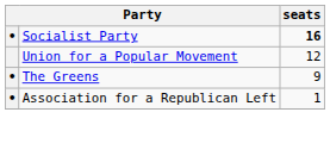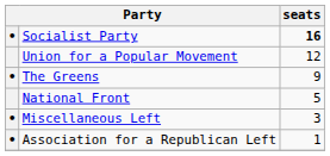 <table class="wikitable" style="font-size: 95%;">
 <tr>
 <th colspan=2>Party</th>
 <th>seats</th>
 </tr>
 <tr>
 <th style="background-color: "><span>•</span></th>
 <td><a href='#'>Socialist Party</a></td>
 <td align="right"><strong>16</strong></td>
 </tr>
 <tr>
 <th style="background-color: "></th>
 <td><a href='#'>Union for a Popular Movement</a></td>
 <td align="right">12</td>
 </tr>
 <tr>
 <th style="background-color: "><span>•</span></th>
 <td><a href='#'>The Greens</a></td>
 <td align="right">9</td>
 </tr>
 <tr>
+<th style="background-color: "></th>
+<td><a href='#'>National Front</a></td>
+<td align="right">5</td>
+</tr>
+<tr>
+<th style="background-color: "><span>•</span></th>
+<td><a href='#'>Miscellaneous Left</a></td>
+<td align="right">3</td>
+</tr>
+<tr>
 <th style="background-color: "><span>•</span></th>
 <td>Association for a Republican Left</td>
 <td align="right">1</td>
 </tr>
 <tr>
 </tr>
 </table>
